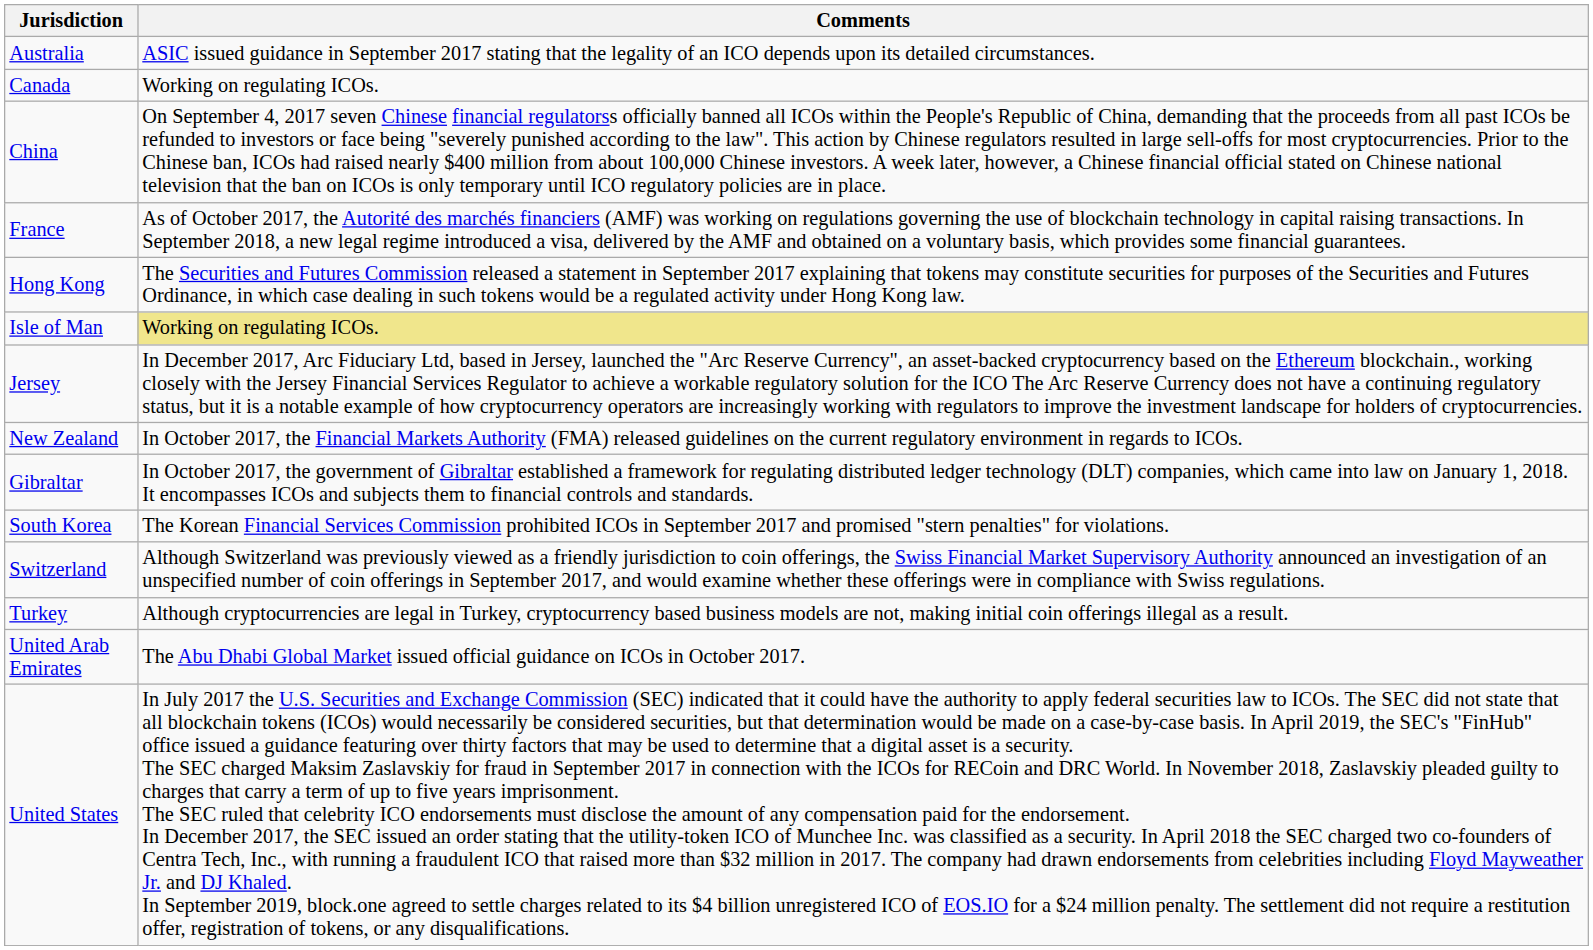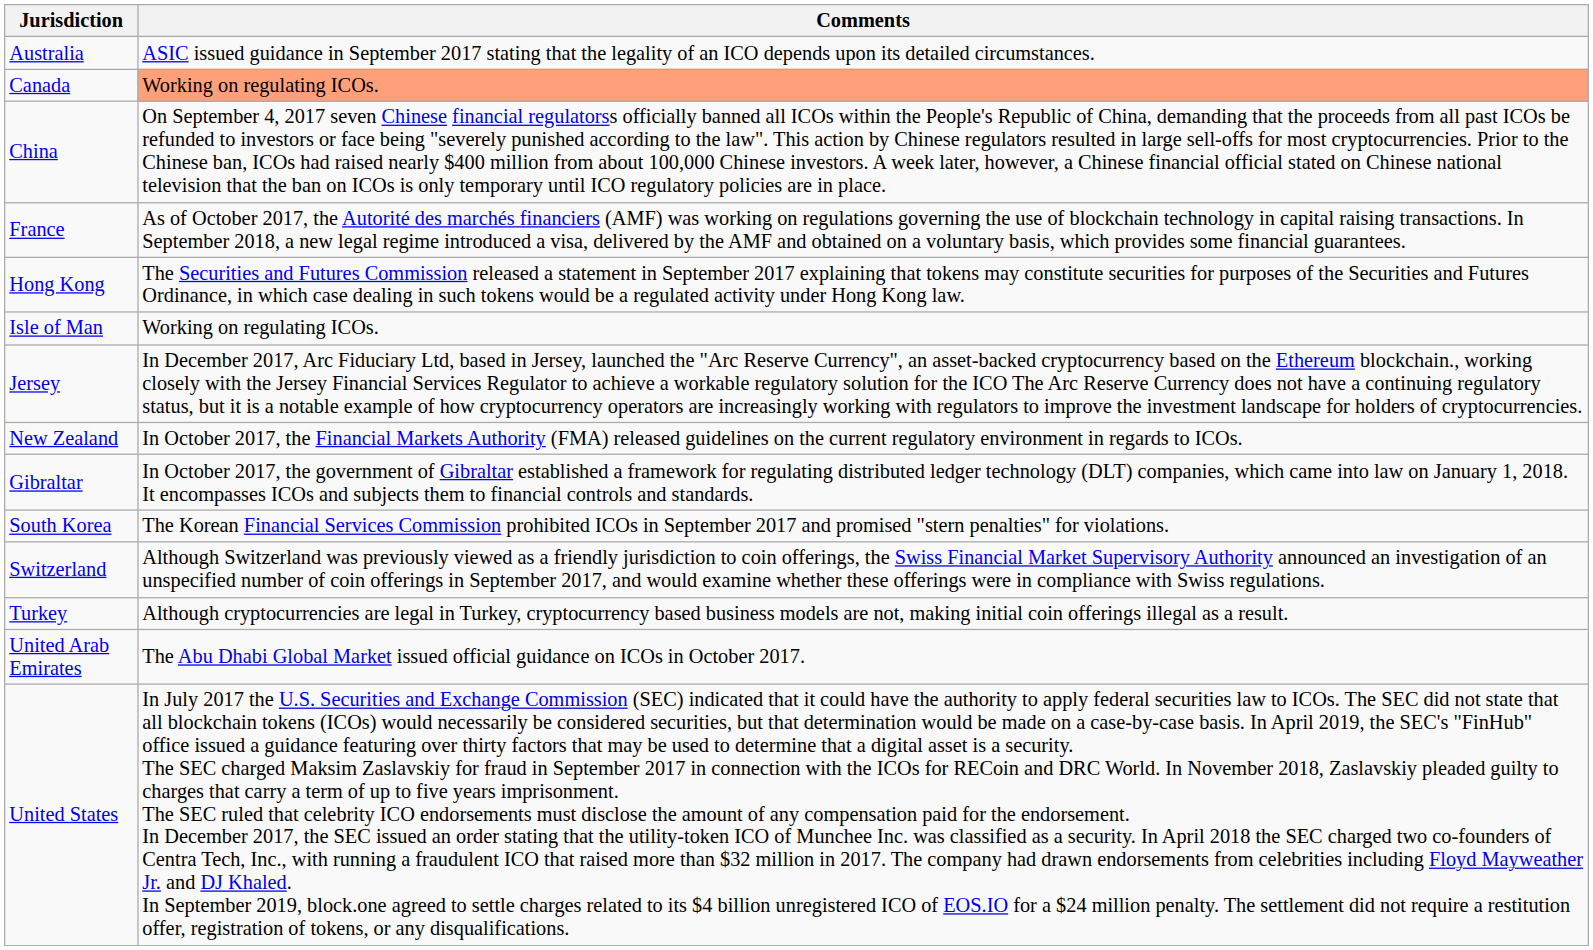 <table class="wikitable sortable">
 <tr>
 <th>Jurisdiction</th>
 <th>Comments</th>
 </tr>
 <tr>
 <td><a href='#'>Australia</a></td>
 <td><a href='#'>ASIC</a> issued guidance in September 2017 stating that the legality of an ICO depends upon its detailed circumstances.</td>
 </tr>
 <tr>
 <td><a href='#'>Canada</a></td>
-<td>Working on regulating ICOs.</td>
+<td style="background: lightsalmon;">Working on regulating ICOs.</td>
 </tr>
 <tr>
 <td><a href='#'>China</a></td>
 <td>On September 4, 2017 seven <a href='#'>Chinese</a> <a href='#'>financial regulators</a>s officially banned all ICOs within the People's Republic of China, demanding that the proceeds from all past ICOs be refunded to investors or face being "severely punished according to the law". This action by Chinese regulators resulted in large sell-offs for most cryptocurrencies. Prior to the Chinese ban, ICOs had raised nearly $400 million from about 100,000 Chinese investors. A week later, however, a Chinese financial official stated on Chinese national television that the ban on ICOs is only temporary until ICO regulatory policies are in place.</td>
 </tr>
 <tr>
 <td><a href='#'>France</a></td>
 <td>As of October 2017, the <a href='#'>Autorité des marchés financiers</a> (AMF) was working on regulations governing the use of blockchain technology in capital raising transactions. In September 2018, a new legal regime introduced a visa, delivered by the AMF and obtained on a voluntary basis, which provides some financial guarantees. </td>
 </tr>
 <tr>
 <td><a href='#'>Hong Kong</a></td>
 <td>The <a href='#'>Securities and Futures Commission</a> released a statement in September 2017 explaining that tokens may constitute securities for purposes of the Securities and Futures Ordinance, in which case dealing in such tokens would be a regulated activity under Hong Kong law.</td>
 </tr>
 <tr>
 <td><a href='#'>Isle of Man</a></td>
-<td style="background: khaki;">Working on regulating ICOs.</td>
+<td>Working on regulating ICOs.</td>
 </tr>
 <tr>
 <td><a href='#'>Jersey</a></td>
 <td>In December 2017, Arc Fiduciary Ltd, based in Jersey, launched the "Arc Reserve Currency", an asset-backed cryptocurrency based on the <a href='#'>Ethereum</a> blockchain., working closely with the Jersey Financial Services Regulator to achieve a workable regulatory solution for the ICO The Arc Reserve Currency does not have a continuing regulatory status, but it is a notable example of how cryptocurrency operators are increasingly working with regulators to improve the investment landscape for holders of cryptocurrencies.</td>
 </tr>
 <tr>
 <td><a href='#'>New Zealand</a></td>
 <td>In October 2017, the <a href='#'>Financial Markets Authority</a> (FMA) released guidelines on the current regulatory environment in regards to ICOs.</td>
 </tr>
 <tr>
 <td><a href='#'>Gibraltar</a></td>
 <td>In October 2017, the government of <a href='#'>Gibraltar</a> established a framework for regulating distributed ledger technology (DLT) companies, which came into law on January 1, 2018. It encompasses ICOs and subjects them to financial controls and standards.</td>
 </tr>
 <tr>
 <td><a href='#'>South Korea</a></td>
 <td>The Korean <a href='#'>Financial Services Commission</a> prohibited ICOs in September 2017 and promised "stern penalties" for violations.</td>
 </tr>
 <tr>
 <td><a href='#'>Switzerland</a></td>
 <td>Although Switzerland was previously viewed as a friendly jurisdiction to coin offerings, the <a href='#'>Swiss Financial Market Supervisory Authority</a> announced an investigation of an unspecified number of coin offerings in September 2017, and would examine whether these offerings were in compliance with Swiss regulations.</td>
 </tr>
 <tr>
 <td><a href='#'>Turkey</a></td>
 <td>Although cryptocurrencies are legal in Turkey, cryptocurrency based business models are not, making initial coin offerings illegal as a result.</td>
 </tr>
 <tr>
 <td><a href='#'>United Arab Emirates</a></td>
 <td>The <a href='#'>Abu Dhabi Global Market</a> issued official guidance on ICOs in October 2017.</td>
 </tr>
 <tr>
 <td><a href='#'>United States</a></td>
 <td>In July 2017 the <a href='#'>U.S. Securities and Exchange Commission</a> (SEC) indicated that it could have the authority to apply federal securities law to ICOs. The SEC did not state that all blockchain tokens (ICOs) would necessarily be considered securities, but that determination would be made on a case-by-case basis. In April 2019, the SEC's "FinHub" office issued a guidance featuring over thirty factors that may be used to determine that a digital asset is a security.<br>The SEC charged Maksim Zaslavskiy for fraud in September 2017 in connection with the ICOs for RECoin and DRC World. In November 2018, Zaslavskiy pleaded guilty to charges that carry a term of up to five years imprisonment.<br>The SEC ruled that celebrity ICO endorsements must disclose the amount of any compensation paid for the endorsement.<br>In December 2017, the SEC issued an order stating that the utility-token ICO of Munchee Inc. was classified as a security. In April 2018 the SEC charged two co-founders of Centra Tech, Inc., with running a fraudulent ICO that raised more than $32 million in 2017. The company had drawn endorsements from celebrities including <a href='#'>Floyd Mayweather Jr.</a> and <a href='#'>DJ Khaled</a>.<br>In September 2019, block.one agreed to settle charges related to its $4 billion unregistered ICO of <a href='#'>EOS.IO</a> for a $24 million penalty. The settlement did not require a restitution offer, registration of tokens, or any disqualifications.</td>
 </tr>
 </table>
